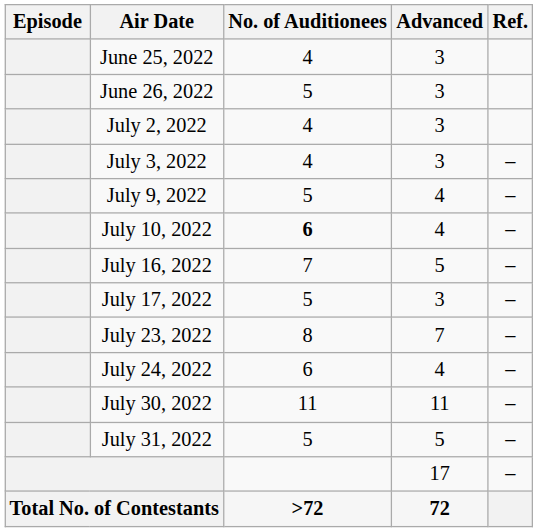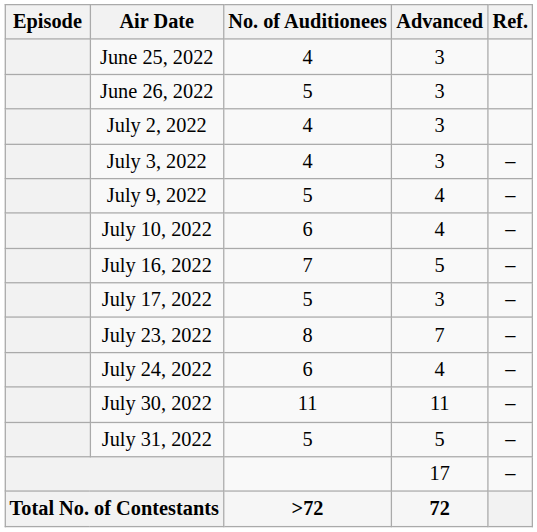 <table class="wikitable sortable" style="margin: 1em auto; font-size:100%; line-height:20px; text-align:center">
 <tr>
 <th>Episode</th>
 <th>Air Date</th>
 <th>No. of Auditionees</th>
 <th>Advanced</th>
 <th>Ref.</th>
 </tr>
 <tr>
 <th></th>
 <td>June 25, 2022</td>
 <td>4</td>
 <td>3</td>
 <td></td>
 </tr>
 <tr>
 <th></th>
 <td>June 26, 2022</td>
 <td>5</td>
 <td>3</td>
 <td></td>
 </tr>
 <tr>
 <th></th>
 <td>July 2, 2022</td>
 <td>4</td>
 <td>3</td>
 <td></td>
 </tr>
 <tr>
 <th></th>
 <td>July 3, 2022</td>
 <td>4</td>
 <td>3</td>
 <td>–</td>
 </tr>
 <tr>
 <th></th>
 <td>July 9, 2022</td>
 <td>5</td>
 <td>4</td>
 <td>–</td>
 </tr>
 <tr>
 <th></th>
 <td>July 10, 2022</td>
-<td><strong>6</strong></td>
+<td>6</td>
 <td>4</td>
 <td>–</td>
 </tr>
 <tr>
 <th></th>
 <td>July 16, 2022</td>
 <td>7</td>
 <td>5</td>
 <td>–</td>
 </tr>
 <tr>
 <th></th>
 <td>July 17, 2022</td>
 <td>5</td>
 <td>3</td>
 <td>–</td>
 </tr>
 <tr>
 <th></th>
 <td>July 23, 2022</td>
 <td>8</td>
 <td>7</td>
 <td>–</td>
 </tr>
 <tr>
 <th></th>
 <td>July 24, 2022</td>
 <td>6</td>
 <td>4</td>
 <td>–</td>
 </tr>
 <tr>
 <th></th>
 <td>July 30, 2022</td>
 <td>11</td>
 <td>11</td>
 <td>–</td>
 </tr>
 <tr>
 <th></th>
 <td>July 31, 2022</td>
 <td>5</td>
 <td>5</td>
 <td>–</td>
 </tr>
 <tr>
 <th colspan="2"></th>
 <td></td>
 <td>17</td>
 <td>–</td>
 </tr>
 <tr>
 <th colspan="2">Total No. of Contestants</th>
 <th style="background:#f6f6f6">>72</th>
 <th style="background:#f6f6f6">72</th>
 <th></th>
 </tr>
 </table>
